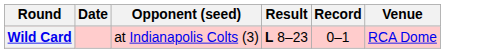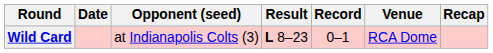 <table class="wikitable" style="text-align:center">
 <tr>
 <th>Round</th>
 <th>Date</th>
 <th>Opponent (seed)</th>
 <th>Result</th>
 <th>Record</th>
 <th>Venue</th>
+<th>Recap</th>
 </tr>
 <tr style="background:#fcc">
 <th><a href='#'>Wild Card</a></th>
 <td></td>
 <td>at <a href='#'>Indianapolis Colts</a> (3)</td>
 <td><strong>L</strong>  8–23</td>
 <td>0–1</td>
 <td><a href='#'>RCA Dome</a></td>
+<td></td>
 </tr>
 </table>
